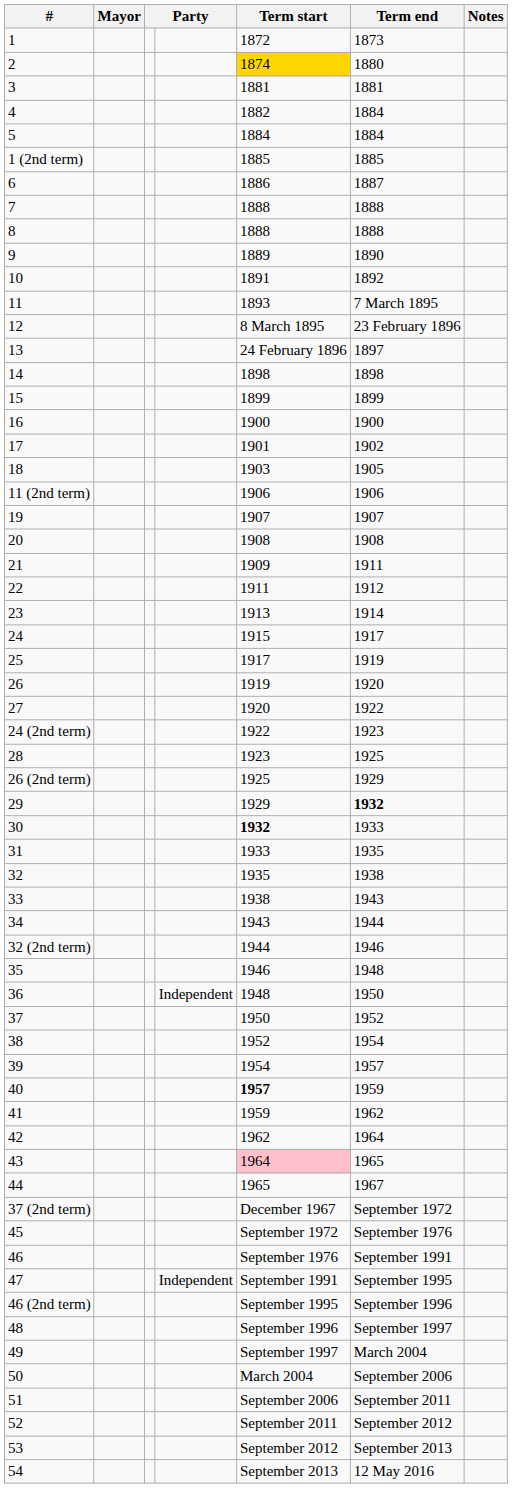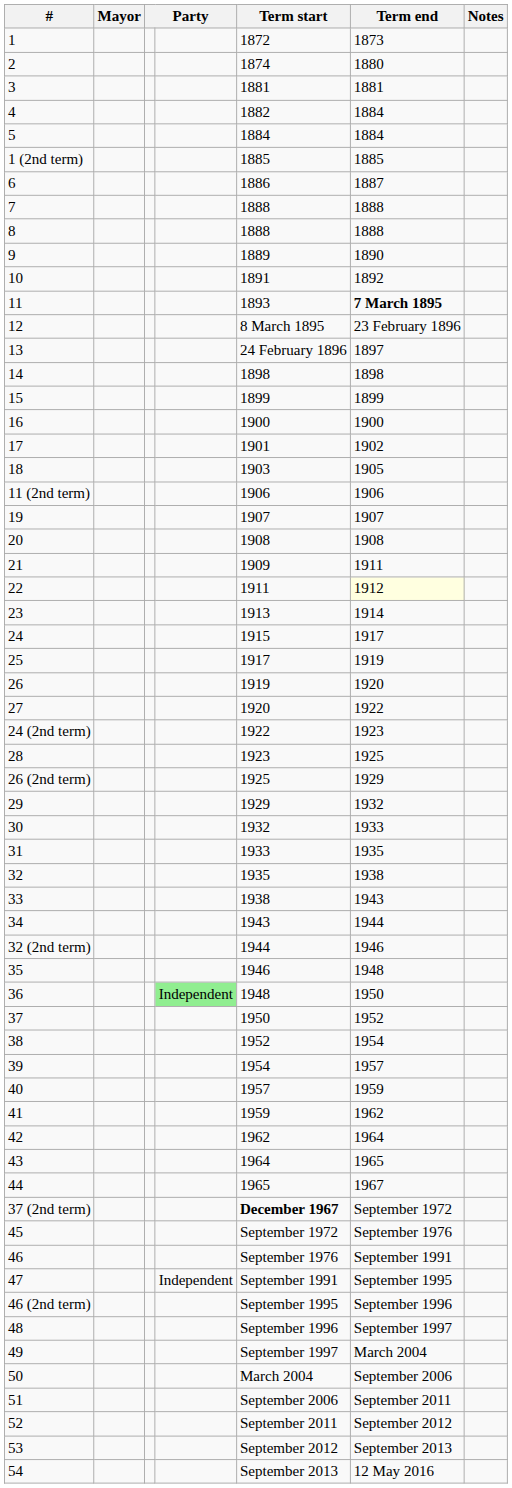 <table class="wikitable sortable">
 <tr>
 <th>#</th>
 <th>Mayor</th>
 <th colspan="2">Party</th>
 <th>Term start</th>
 <th>Term end </th>
 <th class="unsortable">Notes</th>
 </tr>
 <tr>
 <td>1</td>
 <td></td>
 <td> </td>
 <td></td>
 <td>1872</td>
 <td>1873</td>
 <td></td>
 </tr>
 <tr>
 <td>2</td>
 <td></td>
 <td> </td>
 <td></td>
-<td style="background: gold;">1874</td>
+<td>1874</td>
 <td>1880</td>
 <td></td>
 </tr>
 <tr>
 <td>3</td>
 <td></td>
 <td> </td>
 <td></td>
 <td>1881</td>
 <td>1881</td>
 <td></td>
 </tr>
 <tr>
 <td>4</td>
 <td></td>
 <td> </td>
 <td></td>
 <td>1882</td>
 <td>1884</td>
 <td></td>
 </tr>
 <tr>
 <td>5</td>
 <td></td>
 <td> </td>
 <td></td>
 <td>1884</td>
 <td>1884</td>
 <td></td>
 </tr>
 <tr>
 <td>1 (2nd term)</td>
 <td></td>
 <td> </td>
 <td></td>
 <td>1885</td>
 <td>1885</td>
 <td></td>
 </tr>
 <tr>
 <td>6</td>
 <td></td>
 <td> </td>
 <td></td>
 <td>1886</td>
 <td>1887</td>
 <td></td>
 </tr>
 <tr>
 <td>7</td>
 <td></td>
 <td> </td>
 <td></td>
 <td>1888</td>
 <td>1888</td>
 <td></td>
 </tr>
 <tr>
 <td>8</td>
 <td></td>
 <td> </td>
 <td></td>
 <td>1888</td>
 <td>1888</td>
 <td></td>
 </tr>
 <tr>
 <td>9</td>
 <td></td>
 <td> </td>
 <td></td>
 <td>1889</td>
 <td>1890</td>
 <td></td>
 </tr>
 <tr>
 <td>10</td>
 <td></td>
 <td> </td>
 <td></td>
 <td>1891</td>
 <td>1892</td>
 <td></td>
 </tr>
 <tr>
 <td>11</td>
 <td></td>
 <td> </td>
 <td></td>
 <td>1893</td>
-<td>7 March 1895</td>
+<td><strong>7 March 1895</strong></td>
 <td></td>
 </tr>
 <tr>
 <td>12</td>
 <td></td>
 <td> </td>
 <td></td>
 <td>8 March 1895</td>
 <td>23 February 1896</td>
 <td></td>
 </tr>
 <tr>
 <td>13</td>
 <td></td>
 <td> </td>
 <td></td>
 <td>24 February 1896</td>
 <td>1897</td>
 <td></td>
 </tr>
 <tr>
 <td>14</td>
 <td></td>
 <td> </td>
 <td></td>
 <td>1898</td>
 <td>1898</td>
 <td></td>
 </tr>
 <tr>
 <td>15</td>
 <td></td>
 <td> </td>
 <td></td>
 <td>1899</td>
 <td>1899</td>
 <td></td>
 </tr>
 <tr>
 <td>16</td>
 <td></td>
 <td> </td>
 <td></td>
 <td>1900</td>
 <td>1900</td>
 <td></td>
 </tr>
 <tr>
 <td>17</td>
 <td></td>
 <td> </td>
 <td></td>
 <td>1901</td>
 <td>1902</td>
 <td></td>
 </tr>
 <tr>
 <td>18</td>
 <td></td>
 <td> </td>
 <td></td>
 <td>1903</td>
 <td>1905</td>
 <td></td>
 </tr>
 <tr>
 <td>11 (2nd term)</td>
 <td></td>
 <td> </td>
 <td></td>
 <td>1906</td>
 <td>1906</td>
 <td></td>
 </tr>
 <tr>
 <td>19</td>
 <td></td>
 <td> </td>
 <td></td>
 <td>1907</td>
 <td>1907</td>
 <td></td>
 </tr>
 <tr>
 <td>20</td>
 <td></td>
 <td> </td>
 <td></td>
 <td>1908</td>
 <td>1908</td>
 <td></td>
 </tr>
 <tr>
 <td>21</td>
 <td></td>
 <td> </td>
 <td></td>
 <td>1909</td>
 <td>1911</td>
 <td></td>
 </tr>
 <tr>
 <td>22</td>
 <td></td>
 <td> </td>
 <td></td>
 <td>1911</td>
-<td>1912</td>
+<td style="background: lightyellow;">1912</td>
 <td></td>
 </tr>
 <tr>
 <td>23</td>
 <td></td>
 <td> </td>
 <td></td>
 <td>1913</td>
 <td>1914</td>
 <td></td>
 </tr>
 <tr>
 <td>24</td>
 <td></td>
 <td> </td>
 <td></td>
 <td>1915</td>
 <td>1917</td>
 <td></td>
 </tr>
 <tr>
 <td>25</td>
 <td></td>
 <td> </td>
 <td></td>
 <td>1917</td>
 <td>1919</td>
 <td></td>
 </tr>
 <tr>
 <td>26</td>
 <td></td>
 <td> </td>
 <td></td>
 <td>1919</td>
 <td>1920</td>
 <td></td>
 </tr>
 <tr>
 <td>27</td>
 <td></td>
 <td> </td>
 <td></td>
 <td>1920</td>
 <td>1922</td>
 <td></td>
 </tr>
 <tr>
 <td>24 (2nd term)</td>
 <td></td>
 <td> </td>
 <td></td>
 <td>1922</td>
 <td>1923</td>
 <td></td>
 </tr>
 <tr>
 <td>28</td>
 <td></td>
 <td> </td>
 <td></td>
 <td>1923</td>
 <td>1925</td>
 <td></td>
 </tr>
 <tr>
 <td>26 (2nd term)</td>
 <td></td>
 <td> </td>
 <td></td>
 <td>1925</td>
 <td>1929</td>
 <td></td>
 </tr>
 <tr>
 <td>29</td>
 <td></td>
 <td> </td>
 <td></td>
 <td>1929</td>
-<td><strong>1932</strong></td>
+<td>1932</td>
 <td></td>
 </tr>
 <tr>
 <td>30</td>
 <td></td>
 <td> </td>
 <td></td>
-<td><strong>1932</strong></td>
+<td>1932</td>
 <td>1933</td>
 <td></td>
 </tr>
 <tr>
 <td>31</td>
 <td></td>
 <td> </td>
 <td></td>
 <td>1933</td>
 <td>1935</td>
 <td></td>
 </tr>
 <tr>
 <td>32</td>
 <td></td>
 <td> </td>
 <td></td>
 <td>1935</td>
 <td>1938</td>
 <td></td>
 </tr>
 <tr>
 <td>33</td>
 <td></td>
 <td> </td>
 <td></td>
 <td>1938</td>
 <td>1943</td>
 <td></td>
 </tr>
 <tr>
 <td>34</td>
 <td></td>
 <td> </td>
 <td></td>
 <td>1943</td>
 <td>1944</td>
 <td></td>
 </tr>
 <tr>
 <td>32 (2nd term)</td>
 <td></td>
 <td> </td>
 <td></td>
 <td>1944</td>
 <td>1946</td>
 <td></td>
 </tr>
 <tr>
 <td>35</td>
 <td></td>
 <td> </td>
 <td></td>
 <td>1946</td>
 <td>1948</td>
 <td></td>
 </tr>
 <tr>
 <td>36</td>
 <td></td>
 <td> </td>
-<td>Independent</td>
+<td style="background: lightgreen;">Independent</td>
 <td>1948</td>
 <td>1950</td>
 <td></td>
 </tr>
 <tr>
 <td>37</td>
 <td></td>
 <td> </td>
 <td></td>
 <td>1950</td>
 <td>1952</td>
 <td></td>
 </tr>
 <tr>
 <td>38</td>
 <td></td>
 <td> </td>
 <td></td>
 <td>1952</td>
 <td>1954</td>
 <td></td>
 </tr>
 <tr>
 <td>39</td>
 <td></td>
 <td> </td>
 <td></td>
 <td>1954</td>
 <td>1957</td>
 <td></td>
 </tr>
 <tr>
 <td>40</td>
 <td></td>
 <td> </td>
 <td></td>
-<td><strong>1957</strong></td>
+<td>1957</td>
 <td>1959</td>
 <td></td>
 </tr>
 <tr>
 <td>41</td>
 <td></td>
 <td> </td>
 <td></td>
 <td>1959</td>
 <td>1962</td>
 <td></td>
 </tr>
 <tr>
 <td>42</td>
 <td></td>
 <td> </td>
 <td></td>
 <td>1962</td>
 <td>1964</td>
 <td></td>
 </tr>
 <tr>
 <td>43</td>
 <td></td>
 <td> </td>
 <td></td>
-<td style="background: pink;">1964</td>
+<td>1964</td>
 <td>1965</td>
 <td></td>
 </tr>
 <tr>
 <td>44</td>
 <td></td>
 <td> </td>
 <td></td>
 <td>1965</td>
 <td>1967</td>
 <td></td>
 </tr>
 <tr>
 <td>37 (2nd term)</td>
 <td></td>
 <td> </td>
 <td></td>
-<td>December 1967</td>
+<td><strong>December 1967</strong></td>
 <td>September 1972</td>
 <td></td>
 </tr>
 <tr>
 <td>45</td>
 <td></td>
 <td> </td>
 <td></td>
 <td>September 1972</td>
 <td>September 1976</td>
 <td></td>
 </tr>
 <tr>
 <td>46</td>
 <td></td>
 <td> </td>
 <td></td>
 <td>September 1976</td>
 <td>September 1991</td>
 <td></td>
 </tr>
 <tr>
 <td>47</td>
 <td></td>
 <td> </td>
 <td>Independent</td>
 <td>September 1991</td>
 <td>September 1995</td>
 <td></td>
 </tr>
 <tr>
 <td>46 (2nd term)</td>
 <td></td>
 <td> </td>
 <td></td>
 <td>September 1995</td>
 <td>September 1996</td>
 <td></td>
 </tr>
 <tr>
 <td>48</td>
 <td></td>
 <td> </td>
 <td></td>
 <td>September 1996</td>
 <td>September 1997</td>
 <td></td>
 </tr>
 <tr>
 <td>49</td>
 <td></td>
 <td> </td>
 <td></td>
 <td>September 1997</td>
 <td>March 2004</td>
 <td></td>
 </tr>
 <tr>
 <td>50</td>
 <td></td>
 <td> </td>
 <td></td>
 <td>March 2004</td>
 <td>September 2006</td>
 <td></td>
 </tr>
 <tr>
 <td>51</td>
 <td></td>
 <td> </td>
 <td></td>
 <td>September 2006</td>
 <td>September 2011</td>
 <td></td>
 </tr>
 <tr>
 <td>52</td>
 <td></td>
 <td> </td>
 <td></td>
 <td>September 2011</td>
 <td>September 2012</td>
 <td></td>
 </tr>
 <tr>
 <td>53</td>
 <td></td>
 <td> </td>
 <td></td>
 <td>September 2012</td>
 <td>September 2013</td>
 <td></td>
 </tr>
 <tr>
 <td>54</td>
 <td></td>
 <td> </td>
 <td></td>
 <td>September 2013</td>
 <td>12 May 2016</td>
 <td></td>
 </tr>
 </table>
